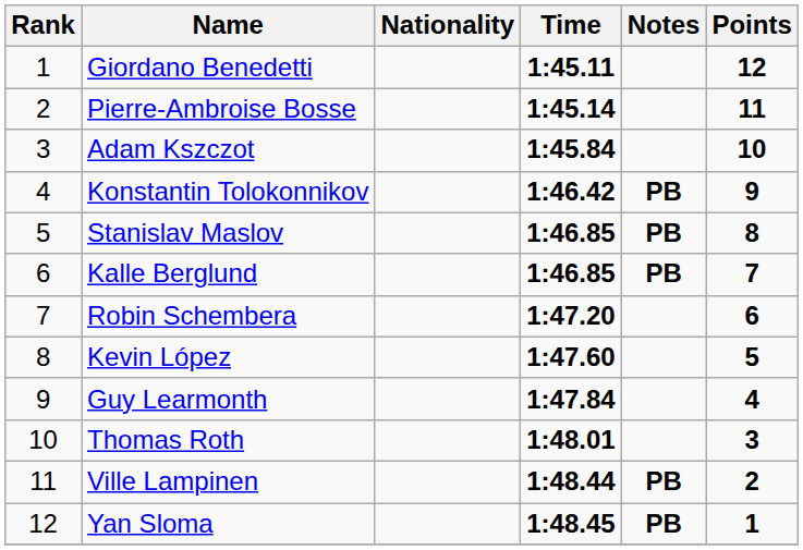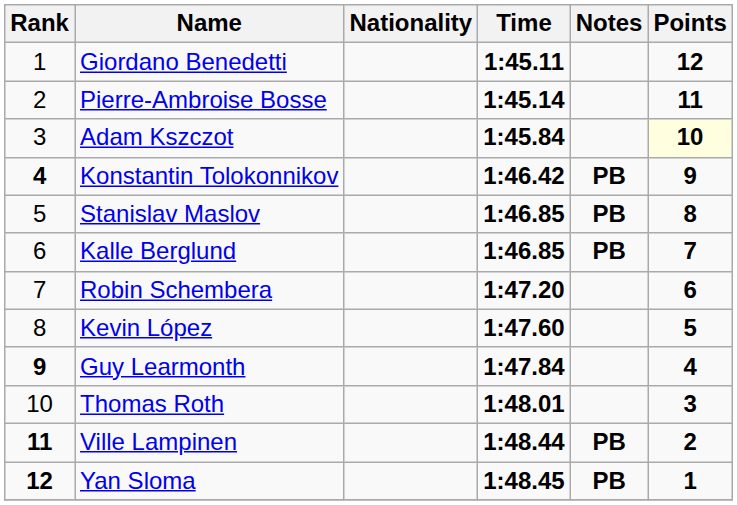 <table class="wikitable sortable" style="text-align:center">
 <tr>
 <th>Rank</th>
 <th>Name</th>
 <th>Nationality</th>
 <th>Time</th>
 <th>Notes</th>
 <th>Points</th>
 </tr>
 <tr>
 <td>1</td>
 <td align=left><a href='#'>Giordano Benedetti</a></td>
 <td align=left></td>
 <td><strong>1:45.11</strong></td>
 <td></td>
 <td><strong>12</strong></td>
 </tr>
 <tr>
 <td>2</td>
 <td align=left><a href='#'>Pierre-Ambroise Bosse</a></td>
 <td align=left></td>
 <td><strong>1:45.14</strong></td>
 <td></td>
 <td><strong>11</strong></td>
 </tr>
 <tr>
 <td>3</td>
 <td align=left><a href='#'>Adam Kszczot</a></td>
 <td align=left></td>
 <td><strong>1:45.84</strong></td>
 <td></td>
-<td><strong>10</strong></td>
+<td style="background: lightyellow;"><strong>10</strong></td>
 </tr>
 <tr>
-<td>4</td>
+<td><strong>4</strong></td>
 <td align=left><a href='#'>Konstantin Tolokonnikov</a></td>
 <td align=left></td>
 <td><strong>1:46.42</strong></td>
 <td><strong>PB </strong></td>
 <td><strong>9</strong></td>
 </tr>
 <tr>
 <td>5</td>
 <td align=left><a href='#'>Stanislav Maslov</a></td>
 <td align=left></td>
 <td><strong>1:46.85</strong></td>
 <td><strong>PB </strong></td>
 <td><strong>8</strong></td>
 </tr>
 <tr>
 <td>6</td>
 <td align=left><a href='#'>Kalle Berglund</a></td>
 <td align=left></td>
 <td><strong>1:46.85</strong></td>
 <td><strong>PB </strong></td>
 <td><strong>7</strong></td>
 </tr>
 <tr>
 <td>7</td>
 <td align=left><a href='#'>Robin Schembera</a></td>
 <td align=left></td>
 <td><strong>1:47.20</strong></td>
 <td></td>
 <td><strong>6</strong></td>
 </tr>
 <tr>
 <td>8</td>
 <td align=left><a href='#'>Kevin López</a></td>
 <td align=left></td>
 <td><strong>1:47.60</strong></td>
 <td></td>
 <td><strong>5</strong></td>
 </tr>
 <tr>
-<td>9</td>
+<td><strong>9</strong></td>
 <td align=left><a href='#'>Guy Learmonth</a></td>
 <td align=left></td>
 <td><strong>1:47.84</strong></td>
 <td></td>
 <td><strong>4</strong></td>
 </tr>
 <tr>
 <td>10</td>
 <td align=left><a href='#'>Thomas Roth</a></td>
 <td align=left></td>
 <td><strong>1:48.01</strong></td>
 <td></td>
 <td><strong>3</strong></td>
 </tr>
 <tr>
-<td>11</td>
+<td><strong>11</strong></td>
 <td align=left><a href='#'>Ville Lampinen</a></td>
 <td align=left></td>
 <td><strong>1:48.44</strong></td>
 <td><strong>PB </strong></td>
 <td><strong>2</strong></td>
 </tr>
 <tr>
-<td>12</td>
+<td><strong>12</strong></td>
 <td align=left><a href='#'>Yan Sloma</a></td>
 <td align=left></td>
 <td><strong>1:48.45</strong></td>
 <td><strong>PB </strong></td>
 <td><strong>1</strong></td>
 </tr>
 <tr>
 </tr>
 </table>
